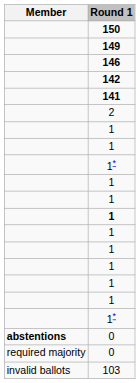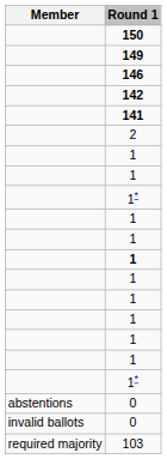 <table class="wikitable collapsible">
 <tr>
 <th>Member</th>
 <td style="background:silver;"><strong>Round 1</strong></td>
 </tr>
 <tr>
 <td></td>
 <td style="text-align:center;"><strong>150</strong></td>
 </tr>
 <tr>
 <td></td>
 <td style="text-align:center;"><strong>149</strong></td>
 </tr>
 <tr>
 <td></td>
 <td style="text-align:center;"><strong>146</strong></td>
 </tr>
 <tr>
 <td></td>
 <td style="text-align:center;"><strong>142</strong></td>
 </tr>
 <tr>
 <td></td>
 <td style="text-align:center;"><strong>141</strong></td>
 </tr>
 <tr>
 <td></td>
 <td style="text-align:center;">2</td>
 </tr>
 <tr>
 <td></td>
 <td style="text-align:center;">1</td>
 </tr>
 <tr>
 <td></td>
 <td style="text-align:center;">1</td>
 </tr>
 <tr>
 <td></td>
 <td style="text-align:center;">1<sup><a href='#'>*</a></sup></td>
 </tr>
 <tr>
 <td></td>
 <td style="text-align:center;">1</td>
 </tr>
 <tr>
 <td></td>
 <td style="text-align:center;">1</td>
 </tr>
 <tr>
 <td></td>
 <td style="text-align:center;"><strong>1</strong></td>
 </tr>
 <tr>
 <td></td>
 <td style="text-align:center;">1</td>
 </tr>
 <tr>
 <td></td>
 <td style="text-align:center;">1</td>
 </tr>
 <tr>
 <td></td>
 <td style="text-align:center;">1</td>
 </tr>
 <tr>
 <td></td>
 <td style="text-align:center;">1</td>
 </tr>
 <tr>
 <td></td>
 <td style="text-align:center;">1</td>
 </tr>
 <tr>
 <td></td>
 <td style="text-align:center;">1<sup><a href='#'>*</a></sup></td>
 </tr>
 <tr>
-<td><strong>abstentions</strong></td>
+<td>abstentions</td>
+<td style="text-align:center;">0</td>
+</tr>
+<tr>
+<td>invalid ballots</td>
 <td style="text-align:center;">0</td>
 </tr>
 <tr>
 <td>required majority</td>
-<td style="text-align:center;">0</td>
-</tr>
-<tr>
-<td>invalid ballots</td>
 <td style="text-align:center;">103</td>
 </tr>
 </table>
